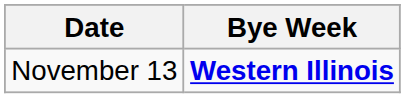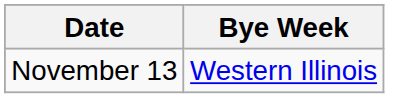 <table class="wikitable" style="font-size:95%;">
 <tr>
 <th>Date</th>
 <th>Bye Week</th>
 </tr>
 <tr>
 <td>November 13</td>
-<td><strong><a href='#'>Western Illinois</a></strong></td>
+<td><a href='#'>Western Illinois</a></td>
 </tr>
 </table>
